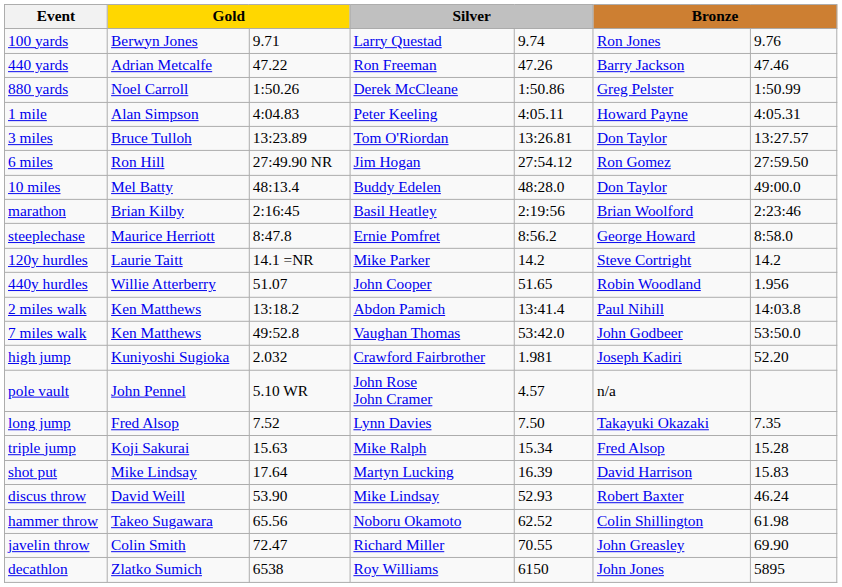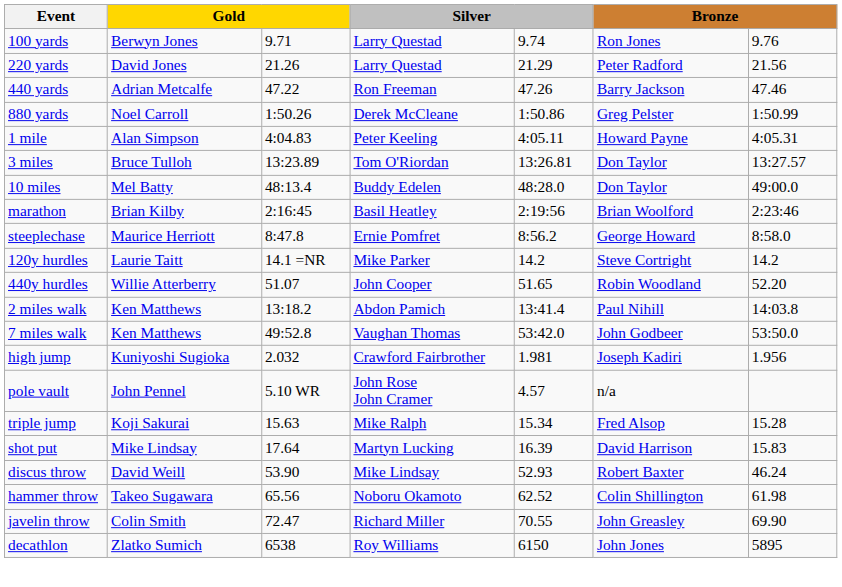 <table class="wikitable" style="text-align:left">
 <tr>
 <th width=100>Event</th>
 <th colspan="2" width="280" style="background:gold;">Gold</th>
 <th colspan="2" width="280" style="background:silver;">Silver</th>
 <th colspan="2" width="280" style="background:#CD7F32;">Bronze</th>
 </tr>
 <tr>
 <td><a href='#'>100 yards</a></td>
 <td> <a href='#'>Berwyn Jones</a></td>
 <td>9.71</td>
 <td> <a href='#'>Larry Questad</a></td>
 <td>9.74</td>
 <td> <a href='#'>Ron Jones</a></td>
 <td>9.76</td>
+</tr>
+<tr>
+<td><a href='#'>220 yards</a></td>
+<td><a href='#'>David Jones</a></td>
+<td>21.26</td>
+<td> <a href='#'>Larry Questad</a></td>
+<td>21.29</td>
+<td><a href='#'>Peter Radford</a></td>
+<td>21.56</td>
 </tr>
 <tr>
 <td><a href='#'>440 yards</a></td>
 <td><a href='#'>Adrian Metcalfe</a></td>
 <td>47.22</td>
 <td> <a href='#'>Ron Freeman</a></td>
 <td>47.26</td>
 <td><a href='#'>Barry Jackson</a></td>
 <td>47.46</td>
 </tr>
 <tr>
 <td><a href='#'>880 yards</a></td>
 <td> <a href='#'>Noel Carroll</a></td>
 <td>1:50.26</td>
 <td> <a href='#'>Derek McCleane</a></td>
 <td>1:50.86</td>
 <td> <a href='#'>Greg Pelster</a></td>
 <td>1:50.99</td>
 </tr>
 <tr>
 <td><a href='#'>1 mile</a></td>
 <td><a href='#'>Alan Simpson</a></td>
 <td>4:04.83</td>
 <td><a href='#'>Peter Keeling</a></td>
 <td>4:05.11</td>
 <td><a href='#'>Howard Payne</a></td>
 <td>4:05.31</td>
 </tr>
 <tr>
 <td><a href='#'>3 miles</a></td>
 <td><a href='#'>Bruce Tulloh</a></td>
 <td>13:23.89</td>
 <td> <a href='#'>Tom O'Riordan</a></td>
 <td>13:26.81</td>
 <td><a href='#'>Don Taylor</a></td>
 <td>13:27.57</td>
-</tr>
-<tr>
-<td><a href='#'>6 miles</a></td>
-<td><a href='#'>Ron Hill</a></td>
-<td>27:49.90 NR</td>
-<td> <a href='#'>Jim Hogan</a></td>
-<td>27:54.12</td>
-<td><a href='#'>Ron Gomez</a></td>
-<td>27:59.50</td>
 </tr>
 <tr>
 <td><a href='#'>10 miles</a></td>
 <td><a href='#'>Mel Batty</a></td>
 <td>48:13.4</td>
 <td> <a href='#'>Buddy Edelen</a></td>
 <td>48:28.0</td>
 <td><a href='#'>Don Taylor</a></td>
 <td>49:00.0</td>
 </tr>
 <tr>
 <td><a href='#'>marathon</a></td>
 <td><a href='#'>Brian Kilby</a></td>
 <td>2:16:45</td>
 <td><a href='#'>Basil Heatley</a></td>
 <td>2:19:56</td>
 <td><a href='#'>Brian Woolford</a></td>
 <td>2:23:46</td>
 </tr>
 <tr>
 <td><a href='#'>steeplechase</a></td>
 <td><a href='#'>Maurice Herriott</a></td>
 <td>8:47.8</td>
 <td><a href='#'>Ernie Pomfret</a></td>
 <td>8:56.2</td>
 <td><a href='#'>George Howard</a></td>
 <td>8:58.0</td>
 </tr>
 <tr>
 <td><a href='#'>120y hurdles</a></td>
 <td><a href='#'>Laurie Taitt</a></td>
 <td>14.1 =NR</td>
 <td><a href='#'>Mike Parker</a></td>
 <td>14.2</td>
 <td> <a href='#'>Steve Cortright</a></td>
 <td>14.2</td>
 </tr>
 <tr>
 <td><a href='#'>440y hurdles</a></td>
 <td> <a href='#'>Willie Atterberry</a></td>
 <td>51.07</td>
 <td><a href='#'>John Cooper</a></td>
 <td>51.65</td>
 <td><a href='#'>Robin Woodland</a></td>
-<td>1.956</td>
+<td>52.20</td>
 </tr>
 <tr>
 <td><a href='#'>2 miles walk</a></td>
 <td><a href='#'>Ken Matthews</a></td>
 <td>13:18.2</td>
 <td> <a href='#'>Abdon Pamich</a></td>
 <td>13:41.4</td>
 <td><a href='#'>Paul Nihill</a></td>
 <td>14:03.8</td>
 </tr>
 <tr>
 <td><a href='#'>7 miles walk</a></td>
 <td><a href='#'>Ken Matthews</a></td>
 <td>49:52.8</td>
 <td><a href='#'>Vaughan Thomas</a></td>
 <td>53:42.0</td>
 <td><a href='#'>John Godbeer</a></td>
 <td>53:50.0</td>
 </tr>
 <tr>
 <td><a href='#'>high jump</a></td>
 <td> <a href='#'>Kuniyoshi Sugioka</a></td>
 <td>2.032</td>
 <td> <a href='#'>Crawford Fairbrother</a></td>
 <td>1.981</td>
 <td> <a href='#'>Joseph Kadiri</a></td>
-<td>52.20</td>
+<td>1.956</td>
 </tr>
 <tr>
 <td><a href='#'>pole vault</a></td>
 <td> <a href='#'>John Pennel</a></td>
 <td>5.10 WR</td>
 <td> <a href='#'>John Rose</a><br> <a href='#'>John Cramer</a></td>
 <td>4.57</td>
 <td>n/a</td>
 <td></td>
-</tr>
-<tr>
-<td><a href='#'>long jump</a></td>
-<td><a href='#'>Fred Alsop</a></td>
-<td>7.52</td>
-<td> <a href='#'>Lynn Davies</a></td>
-<td>7.50</td>
-<td> <a href='#'>Takayuki Okazaki</a></td>
-<td>7.35</td>
 </tr>
 <tr>
 <td><a href='#'>triple jump</a></td>
 <td> <a href='#'>Koji Sakurai</a></td>
 <td>15.63</td>
 <td><a href='#'>Mike Ralph</a></td>
 <td>15.34</td>
 <td><a href='#'>Fred Alsop</a></td>
 <td>15.28</td>
 </tr>
 <tr>
 <td><a href='#'>shot put</a></td>
 <td> <a href='#'>Mike Lindsay</a></td>
 <td>17.64</td>
 <td><a href='#'>Martyn Lucking</a></td>
 <td>16.39</td>
 <td><a href='#'>David Harrison</a></td>
 <td>15.83</td>
 </tr>
 <tr>
 <td><a href='#'>discus throw</a></td>
 <td> <a href='#'>David Weill</a></td>
 <td>53.90</td>
 <td> <a href='#'>Mike Lindsay</a></td>
 <td>52.93</td>
 <td> <a href='#'>Robert Baxter</a></td>
 <td>46.24</td>
 </tr>
 <tr>
 <td><a href='#'>hammer throw</a></td>
 <td> <a href='#'>Takeo Sugawara</a></td>
 <td>65.56</td>
 <td> <a href='#'>Noboru Okamoto</a></td>
 <td>62.52</td>
 <td><a href='#'>Colin Shillington</a></td>
 <td>61.98</td>
 </tr>
 <tr>
 <td><a href='#'>javelin throw</a></td>
 <td><a href='#'>Colin Smith</a></td>
 <td>72.47</td>
 <td><a href='#'>Richard Miller</a></td>
 <td>70.55</td>
 <td><a href='#'>John Greasley</a></td>
 <td>69.90</td>
 </tr>
 <tr>
 <td><a href='#'>decathlon</a></td>
 <td> <a href='#'>Zlatko Sumich</a></td>
 <td>6538</td>
 <td> <a href='#'>Roy Williams</a></td>
 <td>6150</td>
 <td> <a href='#'>John Jones</a></td>
 <td>5895</td>
 </tr>
 </table>
